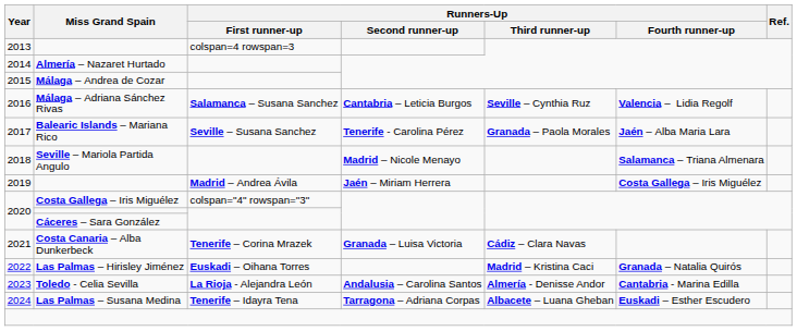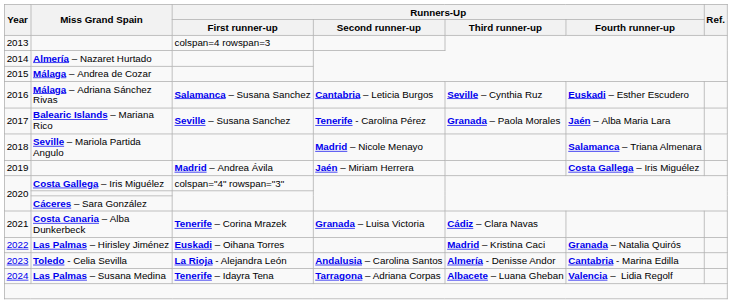 <table class="wikitable" style="font-size: 85%; text-align:left">
 <tr>
 <th rowspan="2">Year</th>
 <th rowspan="2" width=190px>Miss Grand Spain</th>
 <th colspan="4">Runners-Up</th>
 <th rowspan="2">Ref.</th>
 </tr>
 <tr>
 <th>First runner-up</th>
 <th>Second runner-up</th>
 <th>Third runner-up</th>
 <th>Fourth runner-up</th>
 </tr>
 <tr>
 <td>2013</td>
 <td></td>
 <td>colspan=4 rowspan=3 </td>
 <td align=center></td>
 </tr>
 <tr>
 <td>2014</td>
 <td><strong><a href='#'>Almería</a></strong> – Nazaret Hurtado</td>
 <td align=center></td>
 </tr>
 <tr>
 <td>2015</td>
 <td><strong><a href='#'>Málaga</a></strong> – Andrea de Cozar</td>
 <td align=center></td>
 </tr>
 <tr>
 <td>2016</td>
 <td><strong><a href='#'>Málaga</a></strong> – Adriana Sánchez Rivas</td>
 <td><strong><a href='#'>Salamanca</a></strong> – Susana Sanchez</td>
 <td><strong><a href='#'>Cantabria</a></strong> – Leticia Burgos</td>
 <td><strong><a href='#'>Seville</a></strong> – Cynthia Ruz</td>
-<td><strong><a href='#'>Valencia</a></strong> –  Lidia Regolf</td>
+<td><strong><a href='#'>Euskadi</a></strong> – Esther Escudero</td>
 <td align=center></td>
 </tr>
 <tr>
 <td>2017</td>
 <td><strong><a href='#'>Balearic Islands</a></strong> – Mariana Rico</td>
 <td><strong><a href='#'>Seville</a></strong> – Susana Sanchez</td>
 <td><a href='#'><strong>Tenerife</strong></a> -  Carolina Pérez</td>
 <td><strong><a href='#'>Granada</a></strong> – Paola Morales</td>
 <td><strong><a href='#'>Jaén</a></strong> – Alba Maria Lara</td>
 <td align=center></td>
 </tr>
 <tr>
 <td>2018</td>
 <td><strong><a href='#'>Seville</a></strong> – Mariola Partida Angulo</td>
 <td></td>
 <td><strong><a href='#'>Madrid</a></strong> – Nicole Menayo</td>
 <td></td>
 <td><strong><a href='#'>Salamanca</a></strong> – Triana Almenara</td>
 <td align=center></td>
 </tr>
 <tr>
 <td>2019</td>
 <td></td>
 <td><strong><a href='#'>Madrid</a></strong> – Andrea Ávila</td>
 <td><strong><a href='#'>Jaén</a></strong> – Miriam Herrera</td>
 <td></td>
 <td><strong><a href='#'>Costa Gallega</a></strong> – Iris Miguélez</td>
 <td align=center></td>
 </tr>
 <tr>
 <td rowspan="3">2020</td>
 <td><strong><a href='#'>Costa Gallega</a></strong> – Iris Miguélez</td>
 <td>colspan="4" rowspan="3" </td>
 <td rowspan="3" align=center></td>
 </tr>
 <tr>
 <td></td>
 </tr>
 <tr>
 <td><strong><a href='#'>Cáceres</a></strong> – Sara González</td>
 </tr>
 <tr>
 <td>2021</td>
 <td><strong><a href='#'>Costa Canaria</a></strong> – Alba Dunkerbeck</td>
 <td><strong><a href='#'>Tenerife</a></strong> – Corina Mrazek</td>
 <td><strong><a href='#'>Granada</a></strong> – Luisa Victoria</td>
 <td><strong><a href='#'>Cádiz</a></strong> – Clara Navas</td>
 <td></td>
 <td align=center></td>
 </tr>
 <tr>
 <td><a href='#'>2022</a></td>
 <td><strong><a href='#'>Las Palmas</a></strong> – Hirisley Jiménez</td>
 <td><strong><a href='#'>Euskadi</a></strong> – Oihana Torres</td>
 <td></td>
 <td><strong><a href='#'>Madrid</a></strong> – Kristina Caci</td>
 <td><strong><a href='#'>Granada</a></strong> – Natalia Quirós</td>
 <td align=center></td>
 </tr>
 <tr>
 <td><a href='#'>2023</a></td>
 <td><strong><a href='#'>Toledo</a></strong> -  Celia Sevilla</td>
 <td><strong><a href='#'>La Rioja</a></strong> -  Alejandra León</td>
 <td><strong><a href='#'>Andalusia</a></strong> – Carolina Santos</td>
 <td><strong><a href='#'>Almería</a></strong> -  Denisse Andor</td>
 <td><strong><a href='#'>Cantabria</a></strong> -  Marina Edilla</td>
 <td align=center></td>
 </tr>
 <tr>
 <td><a href='#'>2024</a></td>
 <td><strong><a href='#'>Las Palmas</a></strong> – Susana Medina</td>
 <td><strong><a href='#'>Tenerife</a></strong> – Idayra Tena</td>
 <td><strong><a href='#'>Tarragona</a></strong> – Adriana Corpas</td>
 <td><strong><a href='#'>Albacete</a></strong> – Luana Gheban</td>
-<td><strong><a href='#'>Euskadi</a></strong> – Esther Escudero</td>
+<td><strong><a href='#'>Valencia</a></strong> –  Lidia Regolf</td>
 <td></td>
 </tr>
 <tr>
 <td colspan="7"><br></td>
 </tr>
 </table>
